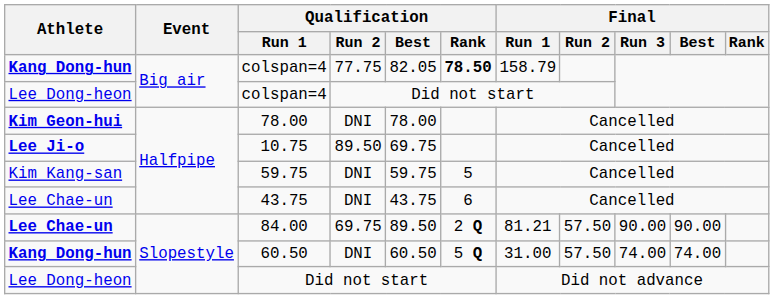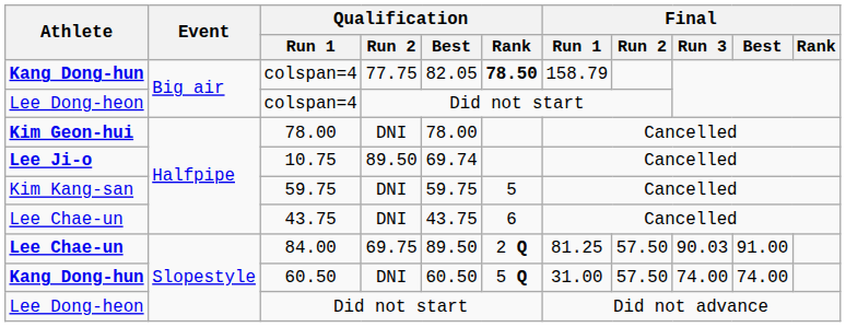 <table class=wikitable style=font-size:90%;text-align:center>
 <tr>
 <th rowspan=2>Athlete</th>
 <th rowspan=2>Event</th>
 <th colspan=4>Qualification</th>
 <th colspan=5>Final</th>
 </tr>
 <tr style=font-size:95%>
 <th>Run 1</th>
 <th>Run 2</th>
 <th>Best</th>
 <th>Rank</th>
 <th>Run 1</th>
 <th>Run 2</th>
 <th>Run 3</th>
 <th>Best</th>
 <th>Rank</th>
 </tr>
 <tr align=center>
 <td align=left><strong><a href='#'>Kang Dong-hun</a></strong></td>
 <td align=left rowspan=2><a href='#'>Big air</a></td>
 <td>colspan=4 </td>
 <td>77.75</td>
 <td>82.05</td>
 <td><strong>78.50</strong></td>
 <td>158.79</td>
 <td></td>
 </tr>
 <tr align=center>
 <td align=left><a href='#'>Lee Dong-heon</a></td>
 <td>colspan=4 </td>
 <td colspan=5>Did not start</td>
 </tr>
 <tr align=center>
 <td align=left><strong><a href='#'>Kim Geon-hui</a></strong></td>
 <td align=left rowspan=4><a href='#'>Halfpipe</a></td>
 <td>78.00</td>
 <td>DNI</td>
 <td>78.00</td>
 <td></td>
 <td colspan=5>Cancelled</td>
 </tr>
 <tr align=center>
 <td align=left><strong><a href='#'>Lee Ji-o</a></strong></td>
 <td>10.75</td>
 <td>89.50</td>
-<td>69.75</td>
+<td>69.74</td>
 <td></td>
 <td colspan=5>Cancelled</td>
 </tr>
 <tr align=center>
 <td align=left><a href='#'>Kim Kang-san</a></td>
 <td>59.75</td>
 <td>DNI</td>
 <td>59.75</td>
 <td>5</td>
 <td colspan=5>Cancelled</td>
 </tr>
 <tr align=center>
 <td align=left><a href='#'>Lee Chae-un</a></td>
 <td>43.75</td>
 <td>DNI</td>
 <td>43.75</td>
 <td>6</td>
 <td colspan=5>Cancelled</td>
 </tr>
 <tr align=center>
 <td align=left><strong><a href='#'>Lee Chae-un</a></strong></td>
 <td align=left rowspan=3><a href='#'>Slopestyle</a></td>
 <td>84.00</td>
 <td>69.75</td>
 <td>89.50</td>
 <td>2 <strong>Q</strong></td>
-<td>81.21</td>
+<td>81.25</td>
 <td>57.50</td>
-<td>90.00</td>
-<td>90.00</td>
+<td>90.03</td>
+<td>91.00</td>
 <td></td>
 </tr>
 <tr align=center>
 <td align=left><strong><a href='#'>Kang Dong-hun</a></strong></td>
 <td>60.50</td>
 <td>DNI</td>
 <td>60.50</td>
 <td>5 <strong>Q</strong></td>
 <td>31.00</td>
 <td>57.50</td>
 <td>74.00</td>
 <td>74.00</td>
 <td></td>
 </tr>
 <tr align=center>
 <td align=left><a href='#'>Lee Dong-heon</a></td>
 <td colspan=4>Did not start</td>
 <td colspan=5>Did not advance</td>
 </tr>
 </table>
